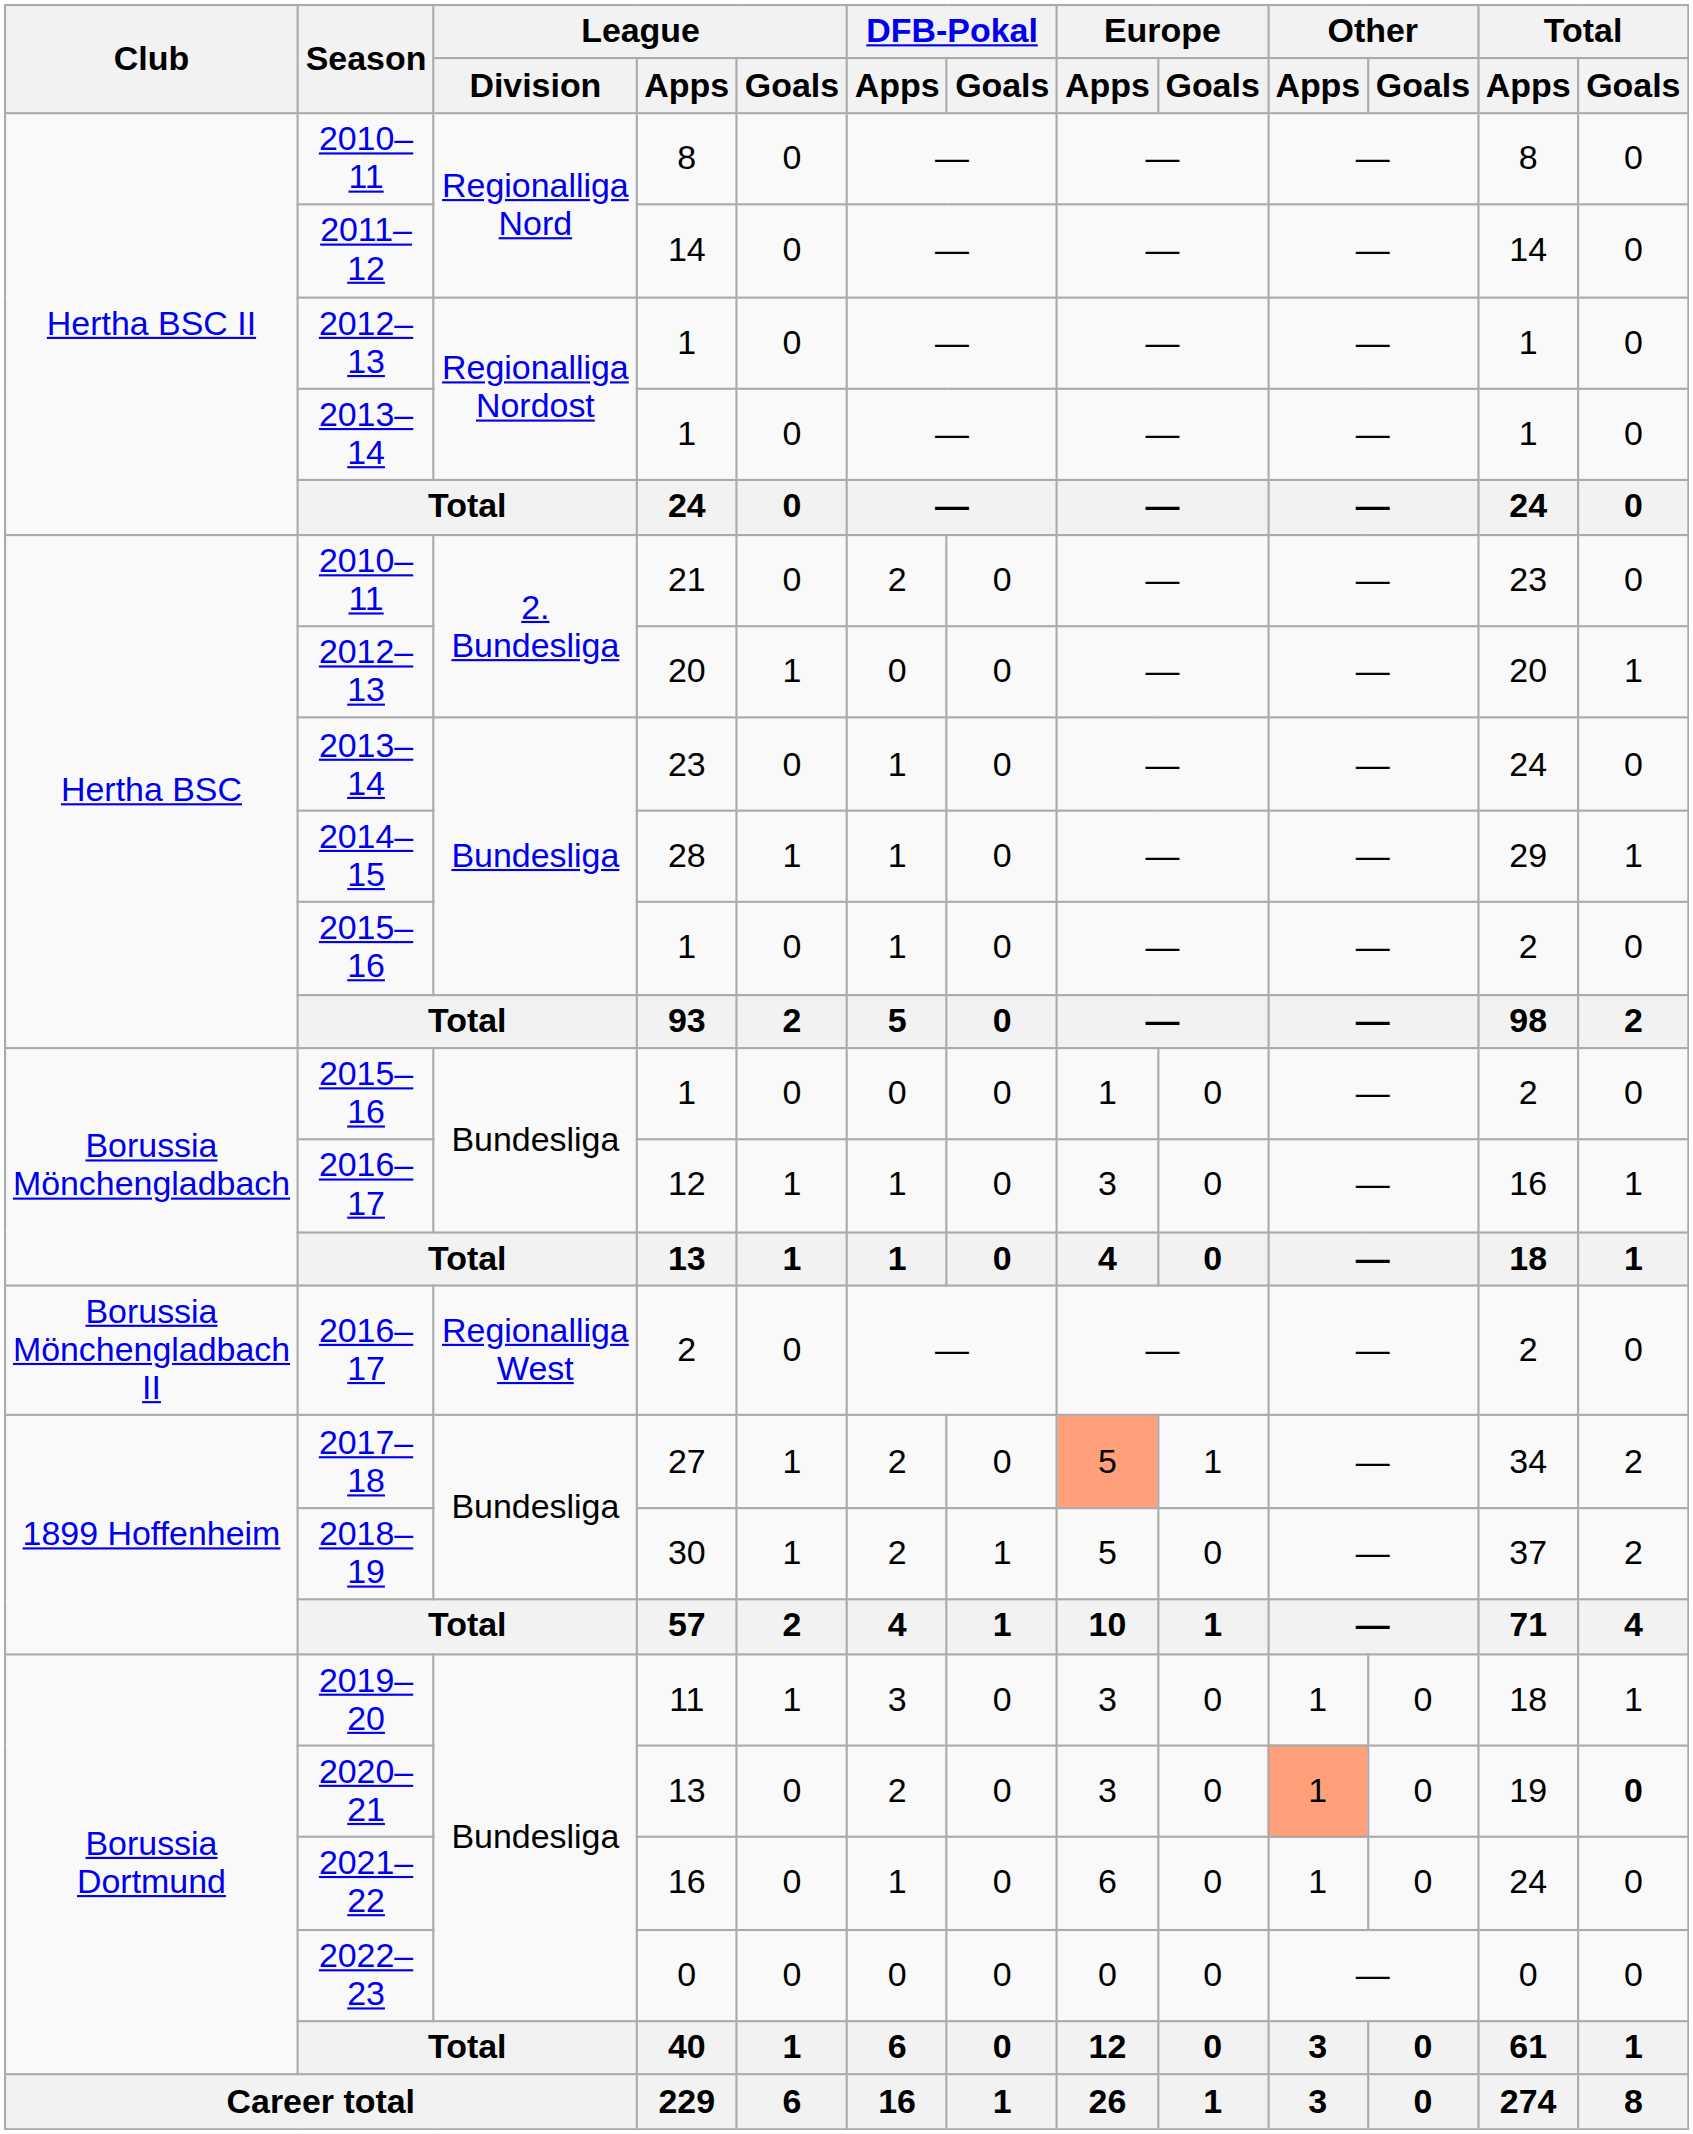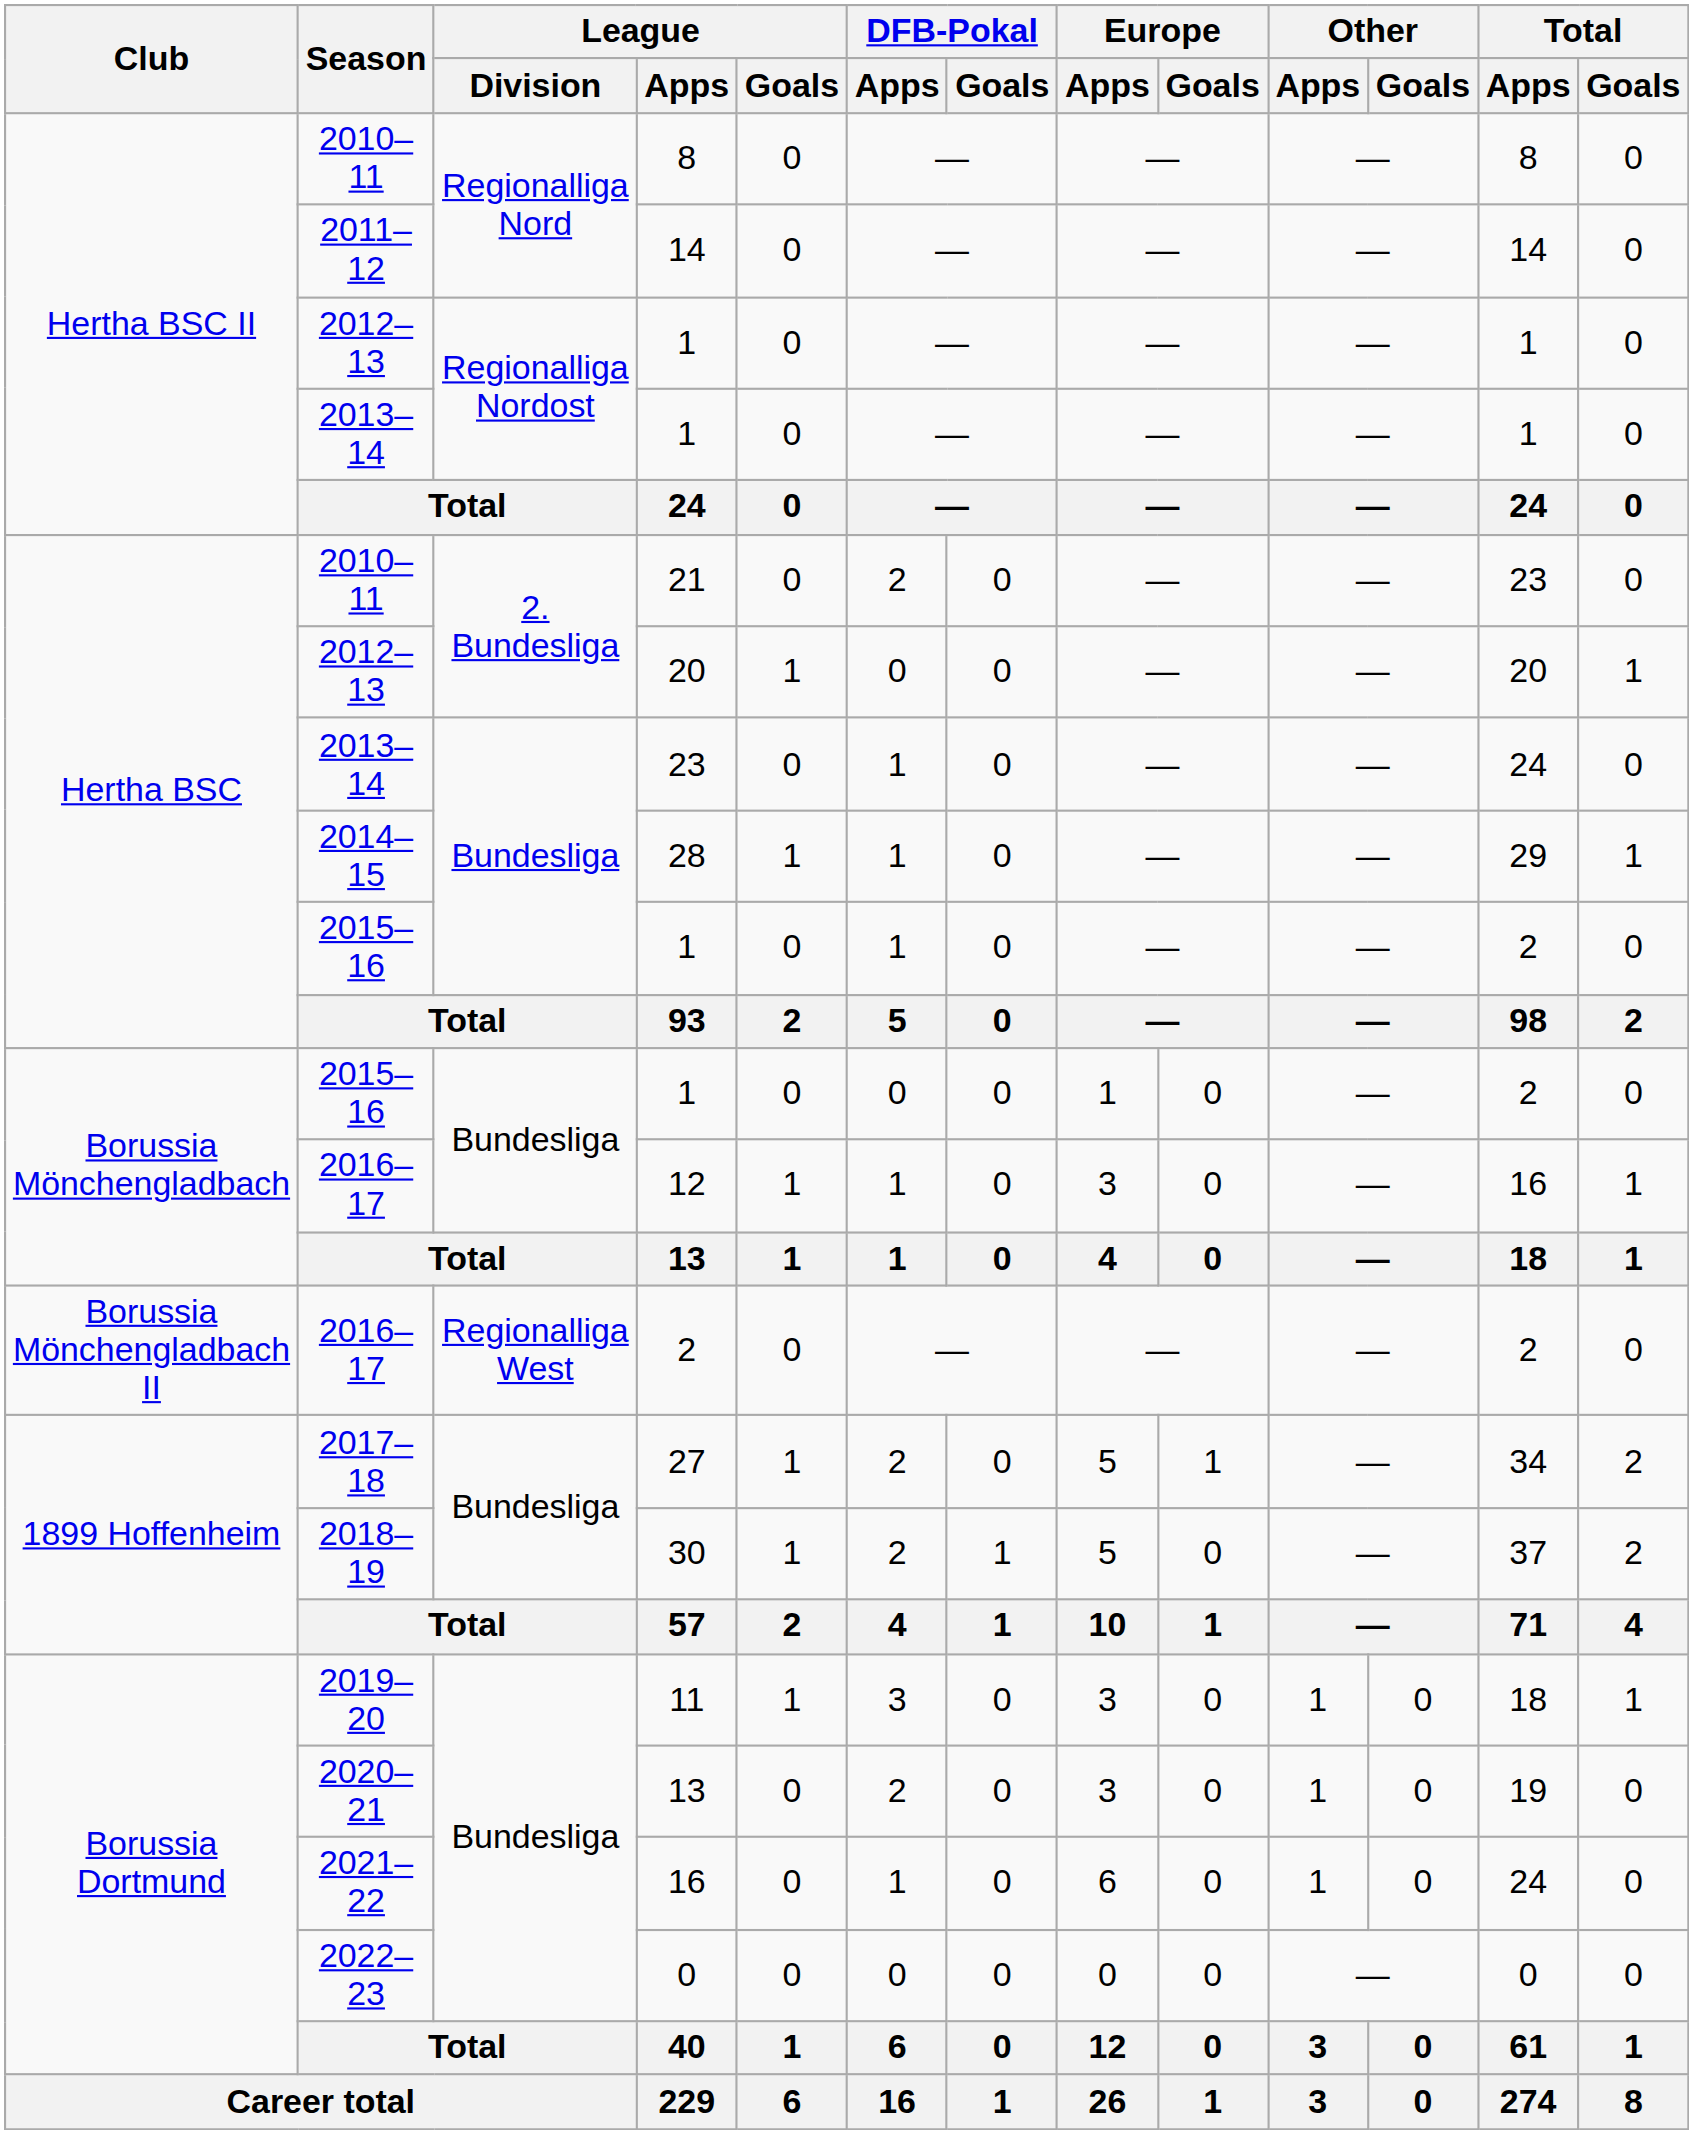 <table class="wikitable" style="text-align:center">
 <tr>
 <th rowspan="2">Club</th>
 <th rowspan="2">Season</th>
 <th colspan="3">League</th>
 <th colspan="2"><a href='#'>DFB-Pokal</a></th>
 <th colspan="2">Europe</th>
 <th colspan="2">Other</th>
 <th colspan="2">Total</th>
 </tr>
 <tr>
 <th>Division</th>
 <th>Apps</th>
 <th>Goals</th>
 <th>Apps</th>
 <th>Goals</th>
 <th>Apps</th>
 <th>Goals</th>
 <th>Apps</th>
 <th>Goals</th>
 <th>Apps</th>
 <th>Goals</th>
 </tr>
 <tr>
 <td rowspan="5"><a href='#'>Hertha BSC II</a></td>
 <td><a href='#'>2010–11</a></td>
 <td rowspan="2"><a href='#'>Regionalliga Nord</a></td>
 <td>8</td>
 <td>0</td>
 <td colspan="2">—</td>
 <td colspan="2">—</td>
 <td colspan="2">—</td>
 <td>8</td>
 <td>0</td>
 </tr>
 <tr>
 <td><a href='#'>2011–12</a></td>
 <td>14</td>
 <td>0</td>
 <td colspan="2">—</td>
 <td colspan="2">—</td>
 <td colspan="2">—</td>
 <td>14</td>
 <td>0</td>
 </tr>
 <tr>
 <td><a href='#'>2012–13</a></td>
 <td rowspan="2"><a href='#'>Regionalliga Nordost</a></td>
 <td>1</td>
 <td>0</td>
 <td colspan="2">—</td>
 <td colspan="2">—</td>
 <td colspan="2">—</td>
 <td>1</td>
 <td>0</td>
 </tr>
 <tr>
 <td><a href='#'>2013–14</a></td>
 <td>1</td>
 <td>0</td>
 <td colspan="2">—</td>
 <td colspan="2">—</td>
 <td colspan="2">—</td>
 <td>1</td>
 <td>0</td>
 </tr>
 <tr>
 <th colspan="2">Total</th>
 <th>24</th>
 <th>0</th>
 <th colspan="2">—</th>
 <th colspan="2">—</th>
 <th colspan="2">—</th>
 <th>24</th>
 <th>0</th>
 </tr>
 <tr>
 <td rowspan="6"><a href='#'>Hertha BSC</a></td>
 <td><a href='#'>2010–11</a></td>
 <td rowspan="2"><a href='#'>2. Bundesliga</a></td>
 <td>21</td>
 <td>0</td>
 <td>2</td>
 <td>0</td>
 <td colspan="2">—</td>
 <td colspan="2">—</td>
 <td>23</td>
 <td>0</td>
 </tr>
 <tr>
 <td><a href='#'>2012–13</a></td>
 <td>20</td>
 <td>1</td>
 <td>0</td>
 <td>0</td>
 <td colspan="2">—</td>
 <td colspan="2">—</td>
 <td>20</td>
 <td>1</td>
 </tr>
 <tr>
 <td><a href='#'>2013–14</a></td>
 <td rowspan="3"><a href='#'>Bundesliga</a></td>
 <td>23</td>
 <td>0</td>
 <td>1</td>
 <td>0</td>
 <td colspan="2">—</td>
 <td colspan="2">—</td>
 <td>24</td>
 <td>0</td>
 </tr>
 <tr>
 <td><a href='#'>2014–15</a></td>
 <td>28</td>
 <td>1</td>
 <td>1</td>
 <td>0</td>
 <td colspan="2">—</td>
 <td colspan="2">—</td>
 <td>29</td>
 <td>1</td>
 </tr>
 <tr>
 <td><a href='#'>2015–16</a></td>
 <td>1</td>
 <td>0</td>
 <td>1</td>
 <td>0</td>
 <td colspan="2">—</td>
 <td colspan="2">—</td>
 <td>2</td>
 <td>0</td>
 </tr>
 <tr>
 <th colspan="2">Total</th>
 <th>93</th>
 <th>2</th>
 <th>5</th>
 <th>0</th>
 <th colspan="2">—</th>
 <th colspan="2">—</th>
 <th>98</th>
 <th>2</th>
 </tr>
 <tr>
 <td rowspan="3"><a href='#'>Borussia Mönchengladbach</a></td>
 <td><a href='#'>2015–16</a></td>
 <td rowspan="2">Bundesliga</td>
 <td>1</td>
 <td>0</td>
 <td>0</td>
 <td>0</td>
 <td>1</td>
 <td>0</td>
 <td colspan="2">—</td>
 <td>2</td>
 <td>0</td>
 </tr>
 <tr>
 <td><a href='#'>2016–17</a></td>
 <td>12</td>
 <td>1</td>
 <td>1</td>
 <td>0</td>
 <td>3</td>
 <td>0</td>
 <td colspan="2">—</td>
 <td>16</td>
 <td>1</td>
 </tr>
 <tr>
 <th colspan="2">Total</th>
 <th>13</th>
 <th>1</th>
 <th>1</th>
 <th>0</th>
 <th>4</th>
 <th>0</th>
 <th colspan="2">—</th>
 <th>18</th>
 <th>1</th>
 </tr>
 <tr>
 <td><a href='#'>Borussia Mönchengladbach II</a></td>
 <td><a href='#'>2016–17</a></td>
 <td><a href='#'>Regionalliga West</a></td>
 <td>2</td>
 <td>0</td>
 <td colspan="2">—</td>
 <td colspan="2">—</td>
 <td colspan="2">—</td>
 <td>2</td>
 <td>0</td>
 </tr>
 <tr>
 <td rowspan="3"><a href='#'>1899 Hoffenheim</a></td>
 <td><a href='#'>2017–18</a></td>
 <td rowspan="2">Bundesliga</td>
 <td>27</td>
 <td>1</td>
 <td>2</td>
 <td>0</td>
-<td style="background: lightsalmon;">5</td>
+<td>5</td>
 <td>1</td>
 <td colspan="2">—</td>
 <td>34</td>
 <td>2</td>
 </tr>
 <tr>
 <td><a href='#'>2018–19</a></td>
 <td>30</td>
 <td>1</td>
 <td>2</td>
 <td>1</td>
 <td>5</td>
 <td>0</td>
 <td colspan="2">—</td>
 <td>37</td>
 <td>2</td>
 </tr>
 <tr>
 <th colspan="2">Total</th>
 <th>57</th>
 <th>2</th>
 <th>4</th>
 <th>1</th>
 <th>10</th>
 <th>1</th>
 <th colspan="2">—</th>
 <th>71</th>
 <th>4</th>
 </tr>
 <tr>
 <td rowspan="5"><a href='#'>Borussia Dortmund</a></td>
 <td><a href='#'>2019–20</a></td>
 <td rowspan="4">Bundesliga</td>
 <td>11</td>
 <td>1</td>
 <td>3</td>
 <td>0</td>
 <td>3</td>
 <td>0</td>
 <td>1</td>
 <td>0</td>
 <td>18</td>
 <td>1</td>
 </tr>
 <tr>
 <td><a href='#'>2020–21</a></td>
 <td>13</td>
 <td>0</td>
 <td>2</td>
 <td>0</td>
 <td>3</td>
 <td>0</td>
-<td style="background: lightsalmon;">1</td>
+<td>1</td>
 <td>0</td>
 <td>19</td>
-<td><strong>0</strong></td>
+<td>0</td>
 </tr>
 <tr>
 <td><a href='#'>2021–22</a></td>
 <td>16</td>
 <td>0</td>
 <td>1</td>
 <td>0</td>
 <td>6</td>
 <td>0</td>
 <td>1</td>
 <td>0</td>
 <td>24</td>
 <td>0</td>
 </tr>
 <tr>
 <td><a href='#'>2022–23</a></td>
 <td>0</td>
 <td>0</td>
 <td>0</td>
 <td>0</td>
 <td>0</td>
 <td>0</td>
 <td colspan="2">—</td>
 <td>0</td>
 <td>0</td>
 </tr>
 <tr>
 <th colspan="2">Total</th>
 <th>40</th>
 <th>1</th>
 <th>6</th>
 <th>0</th>
 <th>12</th>
 <th>0</th>
 <th>3</th>
 <th>0</th>
 <th>61</th>
 <th>1</th>
 </tr>
 <tr>
 <th colspan="3">Career total</th>
 <th>229</th>
 <th>6</th>
 <th>16</th>
 <th>1</th>
 <th>26</th>
 <th>1</th>
 <th>3</th>
 <th>0</th>
 <th>274</th>
 <th>8</th>
 </tr>
 </table>
